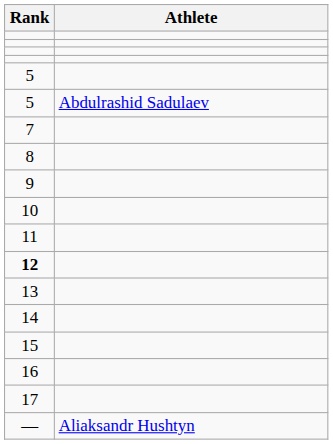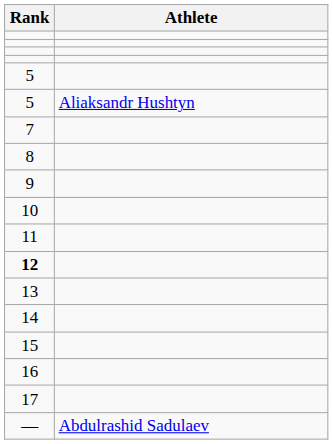 <table class="wikitable" style="text-align: center;">
 <tr>
 <th width=40>Rank</th>
 <th width=250>Athlete</th>
 </tr>
 <tr>
 <td></td>
 <td align="left"></td>
 </tr>
 <tr>
 <td></td>
 <td align="left"></td>
 </tr>
 <tr>
 <td></td>
 <td align="left"></td>
 </tr>
 <tr>
 <td></td>
 <td align="left"></td>
 </tr>
 <tr>
 <td>5</td>
 <td align="left"></td>
 </tr>
 <tr>
 <td>5</td>
-<td align="left"> <a href='#'>Abdulrashid Sadulaev</a> </td>
+<td align="left"> <a href='#'>Aliaksandr Hushtyn</a> </td>
 </tr>
 <tr>
 <td>7</td>
 <td align="left"></td>
 </tr>
 <tr>
 <td>8</td>
 <td align="left"></td>
 </tr>
 <tr>
 <td>9</td>
 <td align="left"></td>
 </tr>
 <tr>
 <td>10</td>
 <td align="left"></td>
 </tr>
 <tr>
 <td>11</td>
 <td align="left"></td>
 </tr>
 <tr>
 <td><strong>12</strong></td>
 <td align="left"></td>
 </tr>
 <tr>
 <td>13</td>
 <td align="left"></td>
 </tr>
 <tr>
 <td>14</td>
 <td align="left"></td>
 </tr>
 <tr>
 <td>15</td>
 <td align="left"></td>
 </tr>
 <tr>
 <td>16</td>
 <td align="left"></td>
 </tr>
 <tr>
 <td>17</td>
 <td align="left"></td>
 </tr>
 <tr>
 <td>—</td>
-<td align="left"> <a href='#'>Aliaksandr Hushtyn</a> </td>
+<td align="left"> <a href='#'>Abdulrashid Sadulaev</a> </td>
 </tr>
 </table>
